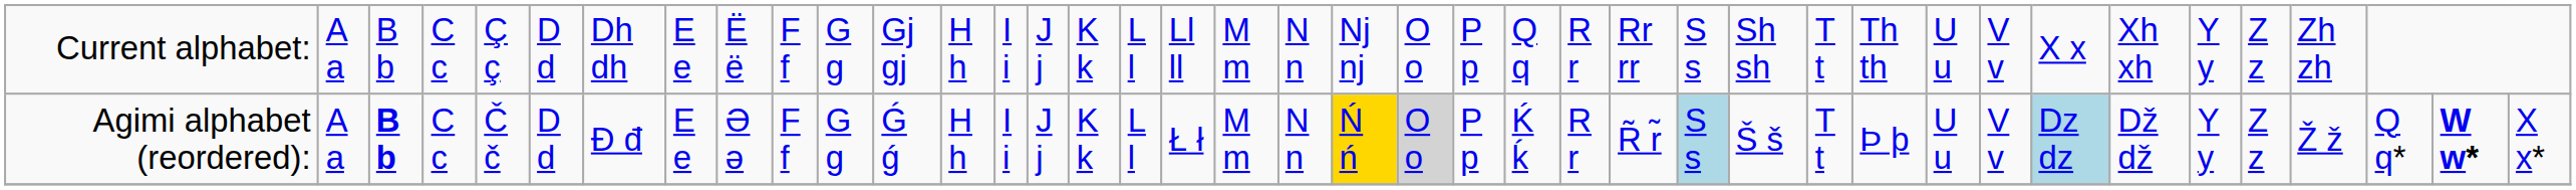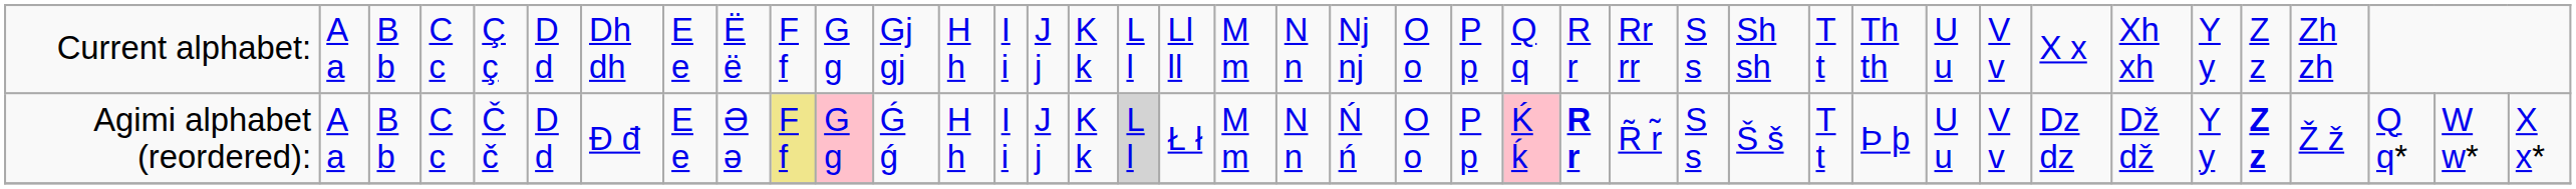 <table class="wikitable">
 <tr>
 <td align="right">Current alphabet:</td>
 <td><a href='#'>A a</a></td>
 <td><a href='#'>B b</a></td>
 <td><a href='#'>C c</a></td>
 <td><a href='#'>Ç ç</a></td>
 <td><a href='#'>D d</a></td>
 <td><a href='#'>Dh dh</a></td>
 <td><a href='#'>E e</a></td>
 <td><a href='#'>Ë ë</a></td>
 <td><a href='#'>F f</a></td>
 <td><a href='#'>G g</a></td>
 <td><a href='#'>Gj gj</a></td>
 <td><a href='#'>H h</a></td>
 <td><a href='#'>I i</a></td>
 <td><a href='#'>J j</a></td>
 <td><a href='#'>K k</a></td>
 <td><a href='#'>L l</a></td>
 <td><a href='#'>Ll ll</a></td>
 <td><a href='#'>M m</a></td>
 <td><a href='#'>N n</a></td>
 <td><a href='#'>Nj nj</a></td>
 <td><a href='#'>O o</a></td>
 <td><a href='#'>P p</a></td>
 <td><a href='#'>Q q</a></td>
 <td><a href='#'>R r</a></td>
 <td><a href='#'>Rr rr</a></td>
 <td><a href='#'>S s</a></td>
 <td><a href='#'>Sh sh</a></td>
 <td><a href='#'>T t</a></td>
 <td><a href='#'>Th th</a></td>
 <td><a href='#'>U u</a></td>
 <td><a href='#'>V v</a></td>
 <td><a href='#'>X x</a></td>
 <td><a href='#'>Xh xh</a></td>
 <td><a href='#'>Y y</a></td>
 <td><a href='#'>Z z</a></td>
 <td><a href='#'>Zh zh</a></td>
 </tr>
 <tr>
 <td align="right">Agimi alphabet (reordered):</td>
 <td><a href='#'>A a</a></td>
-<td><strong><a href='#'>B b</a></strong></td>
+<td><a href='#'>B b</a></td>
 <td><a href='#'>C c</a></td>
 <td><a href='#'>Č č</a></td>
 <td><a href='#'>D d</a></td>
 <td><a href='#'>Đ đ</a></td>
 <td><a href='#'>E e</a></td>
 <td><a href='#'>Ə ə</a></td>
-<td><a href='#'>F f</a></td>
-<td><a href='#'>G g</a></td>
+<td style="background: khaki;"><a href='#'>F f</a></td>
+<td style="background: pink;"><a href='#'>G g</a></td>
 <td><a href='#'>Ǵ ǵ</a></td>
 <td><a href='#'>H h</a></td>
 <td><a href='#'>I i</a></td>
 <td><a href='#'>J j</a></td>
 <td><a href='#'>K k</a></td>
-<td><a href='#'>L l</a></td>
+<td style="background: lightgrey;"><a href='#'>L l</a></td>
 <td><a href='#'>Ł ł</a></td>
 <td><a href='#'>M m</a></td>
 <td><a href='#'>N n</a></td>
-<td style="background: gold;"><a href='#'>Ń ń</a></td>
-<td style="background: lightgrey;"><a href='#'>O o</a></td>
+<td><a href='#'>Ń ń</a></td>
+<td><a href='#'>O o</a></td>
 <td><a href='#'>P p</a></td>
-<td><a href='#'>Ḱ ḱ</a></td>
-<td><a href='#'>R r</a></td>
+<td style="background: pink;"><a href='#'>Ḱ ḱ</a></td>
+<td><strong><a href='#'>R r</a></strong></td>
 <td><a href='#'>R̃ r̃</a></td>
-<td style="background: lightblue;"><a href='#'>S s</a></td>
+<td><a href='#'>S s</a></td>
 <td><a href='#'>Š š</a></td>
 <td><a href='#'>T t</a></td>
 <td><a href='#'>Þ þ</a></td>
 <td><a href='#'>U u</a></td>
 <td><a href='#'>V v</a></td>
-<td style="background: lightblue;"><a href='#'>Dz dz</a></td>
+<td><a href='#'>Dz dz</a></td>
 <td><a href='#'>Dž dž</a></td>
 <td><a href='#'>Y y</a></td>
-<td><a href='#'>Z z</a></td>
+<td><strong><a href='#'>Z z</a></strong></td>
 <td><a href='#'>Ž ž</a></td>
 <td><a href='#'>Q q</a>*</td>
-<td><strong><a href='#'>W w</a>*</strong></td>
+<td><a href='#'>W w</a>*</td>
 <td><a href='#'>X x</a>*</td>
 </tr>
 <tr>
 </tr>
 </table>
